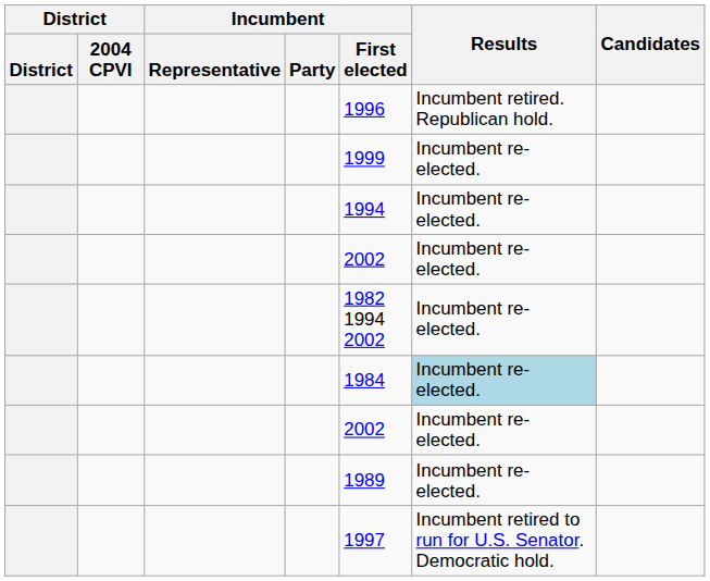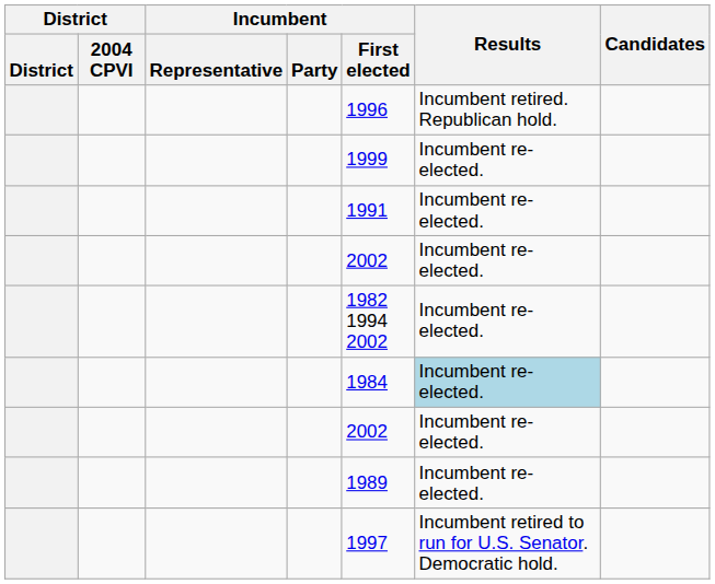 <table class="wikitable sortable">
 <tr>
 <th colspan=2>District</th>
 <th colspan=3>Incumbent</th>
 <th rowspan=2>Results</th>
 <th rowspan=2>Candidates</th>
 </tr>
 <tr valign=bottom>
 <th>District</th>
 <th>2004 CPVI</th>
 <th>Representative</th>
 <th>Party</th>
 <th>First<br>elected</th>
 </tr>
 <tr>
 <th></th>
 <td></td>
 <td></td>
 <td></td>
 <td><a href='#'>1996</a></td>
 <td>Incumbent retired.<br>Republican hold.</td>
 <td nowrap><br></td>
 </tr>
 <tr>
 <th></th>
 <td></td>
 <td></td>
 <td></td>
 <td><a href='#'>1999</a></td>
 <td>Incumbent re-elected.</td>
 <td nowrap></td>
 </tr>
 <tr>
 <th></th>
 <td></td>
 <td></td>
 <td></td>
-<td><a href='#'>1994</a></td>
+<td><a href='#'>1991</a></td>
 <td>Incumbent re-elected.</td>
 <td nowrap></td>
 </tr>
 <tr>
 <th></th>
 <td></td>
 <td></td>
 <td></td>
 <td><a href='#'>2002</a></td>
 <td>Incumbent re-elected.</td>
 <td nowrap></td>
 </tr>
 <tr>
 <th></th>
 <td></td>
 <td></td>
 <td></td>
 <td><a href='#'>1982</a><br>1994 <br><a href='#'>2002</a></td>
 <td>Incumbent re-elected.</td>
 <td nowrap></td>
 </tr>
 <tr>
 <th></th>
 <td></td>
 <td></td>
 <td></td>
 <td><a href='#'>1984</a></td>
 <td style="background: lightblue;">Incumbent re-elected.</td>
 <td nowrap></td>
 </tr>
 <tr>
 <th></th>
 <td></td>
 <td></td>
 <td></td>
 <td><a href='#'>2002</a></td>
 <td>Incumbent re-elected.</td>
 <td nowrap><br></td>
 </tr>
 <tr>
 <th></th>
 <td></td>
 <td></td>
 <td></td>
 <td><a href='#'>1989</a></td>
 <td>Incumbent re-elected.</td>
 <td nowrap></td>
 </tr>
 <tr>
 <th></th>
 <td></td>
 <td></td>
 <td></td>
 <td><a href='#'>1997</a></td>
 <td>Incumbent retired to <a href='#'>run for U.S. Senator</a>.<br>Democratic hold.</td>
 <td nowrap></td>
 </tr>
 </table>
